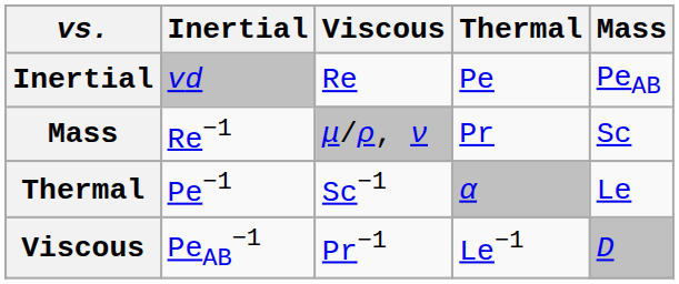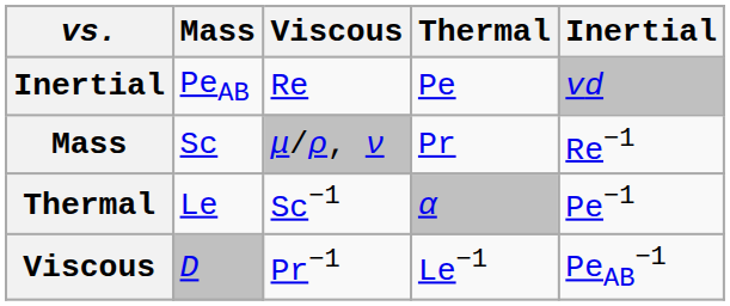 <table class="wikitable floatright">
 <tr>
 <th><em>vs.</em></th>
-<th>Inertial</th>
+<th>Mass</th>
 <th>Viscous</th>
 <th>Thermal</th>
-<th>Mass</th>
+<th>Inertial</th>
 </tr>
 <tr>
 <th>Inertial</th>
-<td style="background:silver;"><a href='#'><em>v</em></a><a href='#'><em>d</em></a></td>
+<td><a href='#'>Pe<sub>AB</sub></a></td>
 <td><a href='#'>Re</a></td>
 <td><a href='#'>Pe</a></td>
-<td><a href='#'>Pe<sub>AB</sub></a></td>
+<td style="background:silver;"><a href='#'><em>v</em></a><a href='#'><em>d</em></a></td>
 </tr>
 <tr>
 <th>Mass</th>
-<td><a href='#'>Re</a><sup>−1</sup></td>
+<td><a href='#'>Sc</a></td>
 <td style="background:silver;"><a href='#'><em>μ</em></a>/<a href='#'><em>ρ</em></a>, <a href='#'><em>ν</em></a></td>
 <td><a href='#'>Pr</a></td>
-<td><a href='#'>Sc</a></td>
+<td><a href='#'>Re</a><sup>−1</sup></td>
 </tr>
 <tr>
 <th>Thermal</th>
-<td><a href='#'>Pe</a><sup>−1</sup></td>
+<td><a href='#'>Le</a></td>
 <td><a href='#'>Sc</a><sup>−1</sup></td>
 <td style="background:silver;"><a href='#'><em>α</em></a></td>
-<td><a href='#'>Le</a></td>
+<td><a href='#'>Pe</a><sup>−1</sup></td>
 </tr>
 <tr>
 <th>Viscous</th>
-<td><a href='#'>Pe<sub>AB</sub></a><sup>−1</sup></td>
+<td style="background:silver;"><a href='#'><em>D</em></a></td>
 <td><a href='#'>Pr</a><sup>−1</sup></td>
 <td><a href='#'>Le</a><sup>−1</sup></td>
-<td style="background:silver;"><a href='#'><em>D</em></a></td>
+<td><a href='#'>Pe<sub>AB</sub></a><sup>−1</sup></td>
 </tr>
 </table>
